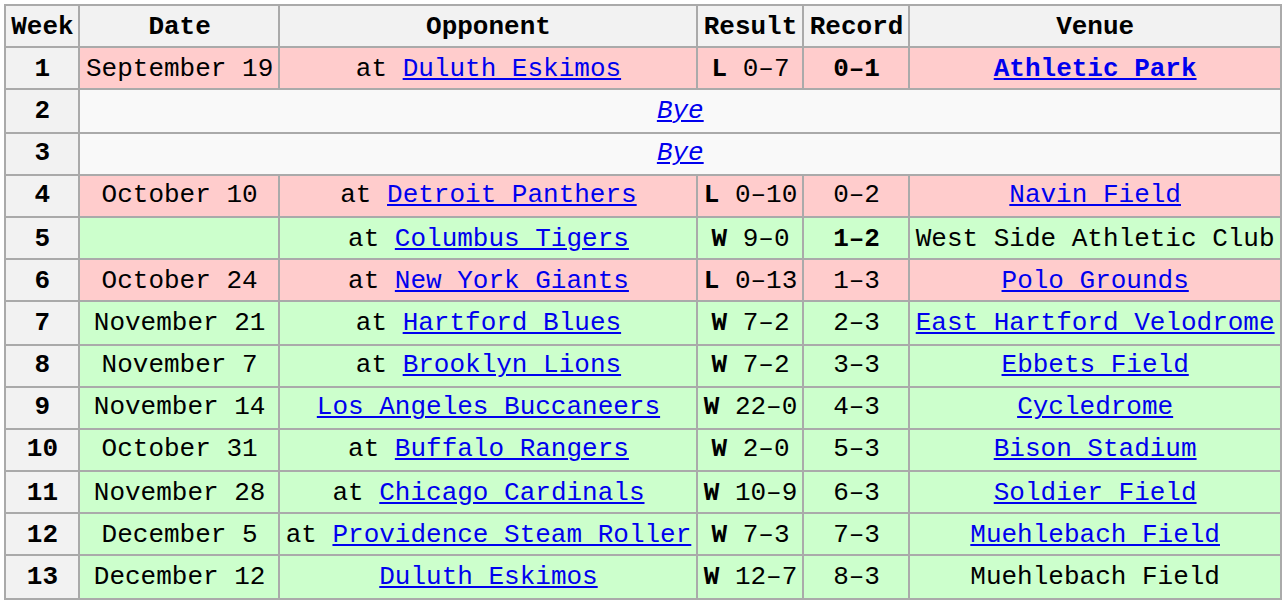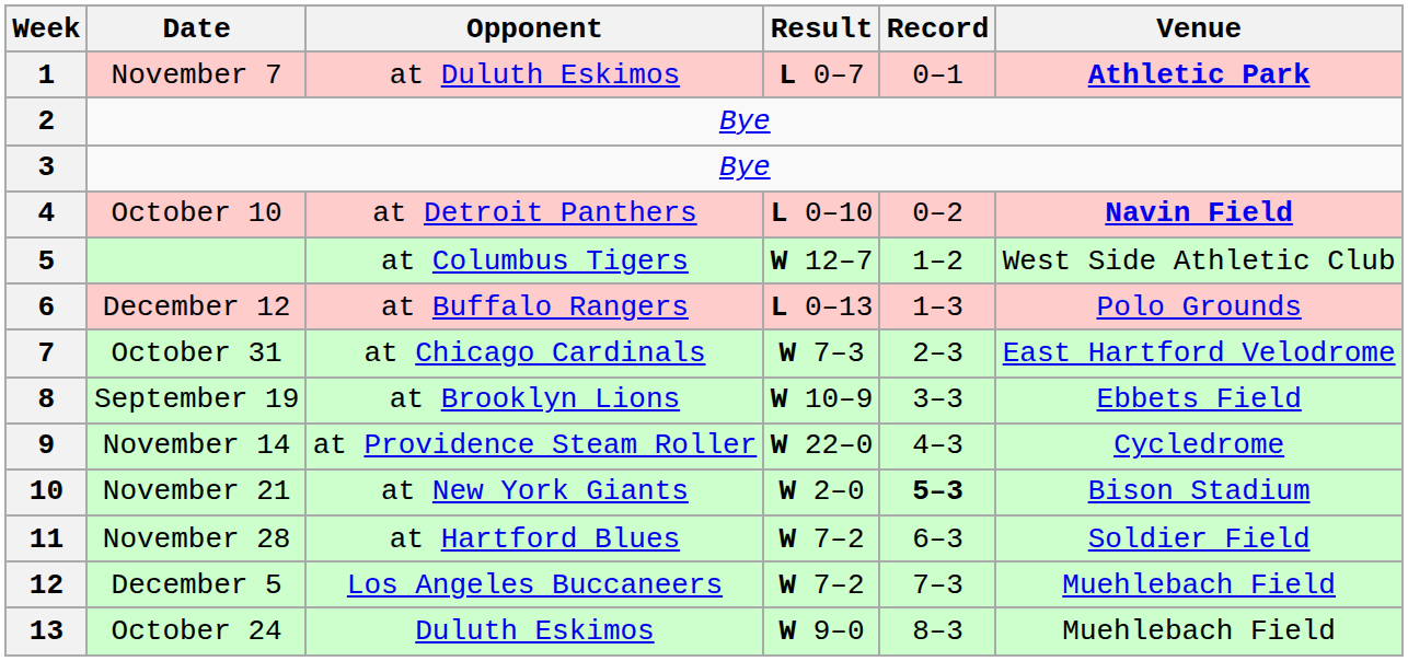 <table class="wikitable" style="text-align:center">
 <tr>
 <th>Week</th>
 <th>Date</th>
 <th>Opponent</th>
 <th>Result</th>
 <th>Record</th>
 <th>Venue</th>
 </tr>
 <tr style="background:#fcc">
 <th>1</th>
-<td>September 19</td>
+<td>November 7</td>
 <td>at <a href='#'>Duluth Eskimos</a></td>
 <td><strong>L</strong> 0–7</td>
-<td><strong>0–1</strong></td>
+<td>0–1</td>
 <td><strong><a href='#'>Athletic Park</a></strong></td>
 </tr>
 <tr>
 <th>2</th>
 <td colspan="6"><em><a href='#'>Bye</a></em></td>
 </tr>
 <tr>
 <th>3</th>
 <td colspan="6"><em><a href='#'>Bye</a></em></td>
 </tr>
 <tr style="background:#fcc">
 <th>4</th>
 <td>October 10</td>
 <td>at <a href='#'>Detroit Panthers</a></td>
 <td><strong>L</strong> 0–10</td>
 <td>0–2</td>
-<td><a href='#'>Navin Field</a></td>
+<td><strong><a href='#'>Navin Field</a></strong></td>
 </tr>
 <tr style="background:#cfc">
 <th>5</th>
 <td></td>
 <td>at <a href='#'>Columbus Tigers</a></td>
-<td><strong>W</strong> 9–0</td>
-<td><strong>1–2</strong></td>
+<td><strong>W</strong> 12–7</td>
+<td>1–2</td>
 <td>West Side Athletic Club</td>
 </tr>
 <tr style="background:#fcc">
 <th>6</th>
-<td>October 24</td>
-<td>at <a href='#'>New York Giants</a></td>
+<td>December 12</td>
+<td>at <a href='#'>Buffalo Rangers</a></td>
 <td><strong>L</strong> 0–13</td>
 <td>1–3</td>
 <td><a href='#'>Polo Grounds</a></td>
 </tr>
 <tr style="background:#cfc">
 <th>7</th>
-<td>November 21</td>
-<td>at <a href='#'>Hartford Blues</a></td>
-<td><strong>W</strong> 7–2</td>
+<td>October 31</td>
+<td>at <a href='#'>Chicago Cardinals</a></td>
+<td><strong>W</strong> 7–3</td>
 <td>2–3</td>
 <td><a href='#'>East Hartford Velodrome</a></td>
 </tr>
 <tr style="background:#cfc">
 <th>8</th>
-<td>November 7</td>
+<td>September 19</td>
 <td>at <a href='#'>Brooklyn Lions</a></td>
-<td><strong>W</strong> 7–2</td>
+<td><strong>W</strong> 10–9</td>
 <td>3–3</td>
 <td><a href='#'>Ebbets Field</a></td>
 </tr>
 <tr style="background:#cfc">
 <th>9</th>
 <td>November 14</td>
-<td><a href='#'>Los Angeles Buccaneers</a></td>
+<td>at <a href='#'>Providence Steam Roller</a></td>
 <td><strong>W</strong> 22–0</td>
 <td>4–3</td>
 <td><a href='#'>Cycledrome</a></td>
 </tr>
 <tr style="background:#cfc">
 <th>10</th>
-<td>October 31</td>
-<td>at <a href='#'>Buffalo Rangers</a></td>
+<td>November 21</td>
+<td>at <a href='#'>New York Giants</a></td>
 <td><strong>W</strong> 2–0</td>
-<td>5–3</td>
+<td><strong>5–3</strong></td>
 <td><a href='#'>Bison Stadium</a></td>
 </tr>
 <tr style="background:#cfc">
 <th>11</th>
 <td>November 28</td>
-<td>at <a href='#'>Chicago Cardinals</a></td>
-<td><strong>W</strong> 10–9</td>
+<td>at <a href='#'>Hartford Blues</a></td>
+<td><strong>W</strong> 7–2</td>
 <td>6–3</td>
 <td><a href='#'>Soldier Field</a></td>
 </tr>
 <tr style="background:#cfc">
 <th>12</th>
 <td>December 5</td>
-<td>at <a href='#'>Providence Steam Roller</a></td>
-<td><strong>W</strong> 7–3</td>
+<td><a href='#'>Los Angeles Buccaneers</a></td>
+<td><strong>W</strong> 7–2</td>
 <td>7–3</td>
 <td><a href='#'>Muehlebach Field</a></td>
 </tr>
 <tr style="background:#cfc">
 <th>13</th>
-<td>December 12</td>
+<td>October 24</td>
 <td><a href='#'>Duluth Eskimos</a></td>
-<td><strong>W</strong> 12–7</td>
+<td><strong>W</strong> 9–0</td>
 <td>8–3</td>
 <td>Muehlebach Field</td>
 </tr>
 </table>
